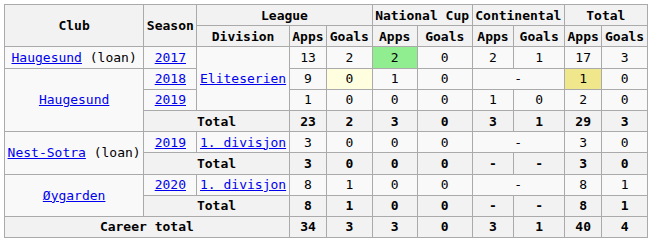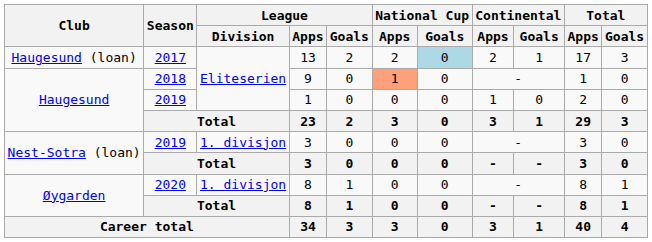 <table class="wikitable" style="text-align: center;">
 <tr>
 <th rowspan="2">Club</th>
 <th rowspan="2">Season</th>
 <th colspan="3">League</th>
 <th colspan="2">National Cup</th>
 <th colspan="2">Continental</th>
 <th colspan="2">Total</th>
 </tr>
 <tr>
 <th>Division</th>
 <th>Apps</th>
 <th>Goals</th>
 <th>Apps</th>
 <th>Goals</th>
 <th>Apps</th>
 <th>Goals</th>
 <th>Apps</th>
 <th>Goals</th>
 </tr>
 <tr>
 <td rowspan="1" valign="center"><a href='#'>Haugesund</a> (loan)</td>
 <td><a href='#'>2017</a></td>
 <td rowspan="3" valign="center"><a href='#'>Eliteserien</a></td>
 <td>13</td>
 <td>2</td>
-<td style="background: lightgreen;">2</td>
-<td>0</td>
+<td>2</td>
+<td style="background: lightblue;">0</td>
 <td>2</td>
 <td>1</td>
 <td>17</td>
 <td>3</td>
 </tr>
 <tr>
 <td rowspan="3" valign="center"><a href='#'>Haugesund</a></td>
 <td><a href='#'>2018</a></td>
 <td>9</td>
-<td style="background: lightyellow;">0</td>
-<td>1</td>
+<td>0</td>
+<td style="background: lightsalmon;">1</td>
 <td>0</td>
 <td colspan="2">-</td>
-<td style="background: khaki;">1</td>
+<td>1</td>
 <td>0</td>
 </tr>
 <tr>
 <td><a href='#'>2019</a></td>
 <td>1</td>
 <td>0</td>
 <td>0</td>
 <td>0</td>
 <td>1</td>
 <td>0</td>
 <td>2</td>
 <td>0</td>
 </tr>
 <tr>
 <th colspan="2">Total</th>
 <th>23</th>
 <th>2</th>
 <th>3</th>
 <th>0</th>
 <th>3</th>
 <th>1</th>
 <th>29</th>
 <th>3</th>
 </tr>
 <tr>
 <td rowspan="2" valign="center"><a href='#'>Nest-Sotra</a> (loan)</td>
 <td><a href='#'>2019</a></td>
 <td rowspan="1" valign="center"><a href='#'>1. divisjon</a></td>
 <td>3</td>
 <td>0</td>
 <td>0</td>
 <td>0</td>
 <td colspan="2">-</td>
 <td>3</td>
 <td>0</td>
 </tr>
 <tr>
 <th colspan="2">Total</th>
 <th>3</th>
 <th>0</th>
 <th>0</th>
 <th>0</th>
 <th>-</th>
 <th>-</th>
 <th>3</th>
 <th>0</th>
 </tr>
 <tr>
 <td rowspan="2" valign="center"><a href='#'>Øygarden</a></td>
 <td><a href='#'>2020</a></td>
 <td rowspan="1" valign="center"><a href='#'>1. divisjon</a></td>
 <td>8</td>
 <td>1</td>
 <td>0</td>
 <td>0</td>
 <td colspan="2">-</td>
 <td>8</td>
 <td>1</td>
 </tr>
 <tr>
 <th colspan="2">Total</th>
 <th>8</th>
 <th>1</th>
 <th>0</th>
 <th>0</th>
 <th>-</th>
 <th>-</th>
 <th>8</th>
 <th>1</th>
 </tr>
 <tr>
 <th colspan="3">Career total</th>
 <th>34</th>
 <th>3</th>
 <th>3</th>
 <th>0</th>
 <th>3</th>
 <th>1</th>
 <th>40</th>
 <th>4</th>
 </tr>
 </table>
